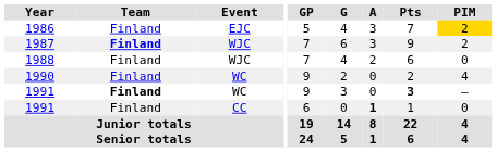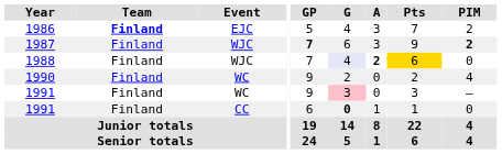 <table border="0" cellpadding="1" cellspacing="0" ID="Table3" style="text-align:center; width:40em">
 <tr ALIGN="center" bgcolor="#e0e0e0">
 <th>Year</th>
 <th>Team</th>
 <th>Event</th>
 <th rowspan="99" bgcolor="#ffffff"></th>
 <th>GP</th>
 <th>G</th>
 <th>A</th>
 <th>Pts</th>
 <th>PIM</th>
 </tr>
 <tr>
 <td><a href='#'>1986</a></td>
-<td><a href='#'>Finland</a></td>
+<td><strong><a href='#'>Finland</a></strong></td>
 <td><a href='#'>EJC</a></td>
 <td>5</td>
 <td>4</td>
 <td>3</td>
 <td>7</td>
-<td style="background: gold;">2</td>
+<td>2</td>
 </tr>
 <tr bgcolor="#f0f0f0">
 <td><a href='#'>1987</a></td>
-<td><strong><a href='#'>Finland</a></strong></td>
+<td><a href='#'>Finland</a></td>
 <td><a href='#'>WJC</a></td>
-<td>7</td>
+<td><strong>7</strong></td>
 <td>6</td>
 <td>3</td>
 <td>9</td>
-<td>2</td>
+<td><strong>2</strong></td>
 </tr>
 <tr>
 <td><a href='#'>1988</a></td>
 <td>Finland</td>
 <td>WJC</td>
 <td>7</td>
-<td>4</td>
-<td>2</td>
-<td>6</td>
+<td style="background: lavender;">4</td>
+<td><strong>2</strong></td>
+<td style="background: gold;">6</td>
 <td>0</td>
 </tr>
 <tr bgcolor="#f0f0f0">
 <td><a href='#'>1990</a></td>
 <td><a href='#'>Finland</a></td>
 <td><a href='#'>WC</a></td>
 <td>9</td>
 <td>2</td>
 <td>0</td>
 <td>2</td>
 <td>4</td>
 </tr>
 <tr>
 <td><a href='#'>1991</a></td>
-<td><strong>Finland</strong></td>
+<td>Finland</td>
 <td>WC</td>
 <td>9</td>
+<td style="background: pink;">3</td>
+<td>0</td>
 <td>3</td>
-<td>0</td>
-<td><strong>3</strong></td>
 <td>—</td>
 </tr>
 <tr bgcolor="#f0f0f0">
 <td><a href='#'>1991</a></td>
 <td>Finland</td>
 <td><a href='#'>CC</a></td>
 <td>6</td>
-<td>0</td>
-<td><strong>1</strong></td>
+<td><strong>0</strong></td>
+<td>1</td>
 <td>1</td>
 <td>0</td>
 </tr>
 <tr bgcolor="#e0e0e0">
 <th colspan="3">Junior totals</th>
 <th>19</th>
 <th>14</th>
 <th>8</th>
 <th>22</th>
 <th>4</th>
 </tr>
 <tr bgcolor="#e0e0e0">
 <th colspan="3">Senior totals</th>
 <th>24</th>
 <th>5</th>
 <th>1</th>
 <th>6</th>
 <th>4</th>
 </tr>
 </table>
